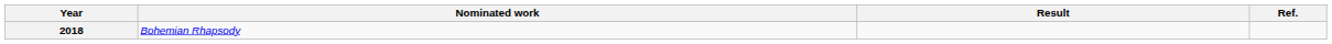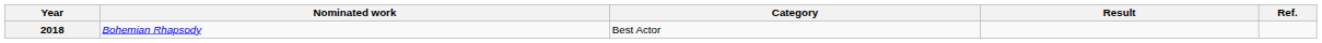 <table class="wikitable">
 <tr>
 <th width=2%>Year</th>
 <th width=11%>Nominated work</th>
+<th width=8%>Category</th>
 <th width=6%>Result</th>
 <th width=1%>Ref.</th>
 </tr>
 <tr>
 <th scope=row>2018</th>
 <td rowspan="1"><em><a href='#'>Bohemian Rhapsody</a></em></td>
+<td>Best Actor</td>
 <td></td>
 <td style="text-align:center;"></td>
 </tr>
 </table>
